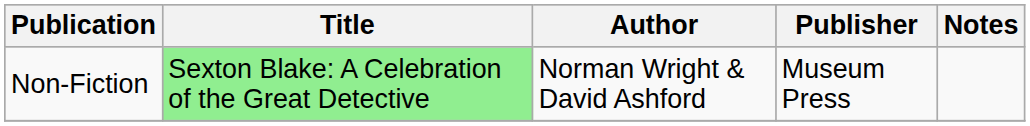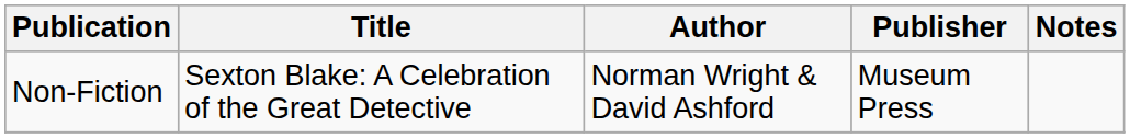 <table class="wikitable">
 <tr>
 <th>Publication</th>
 <th>Title</th>
 <th>Author</th>
 <th>Publisher</th>
 <th>Notes</th>
 </tr>
 <tr>
 <td>Non-Fiction</td>
-<td style="background: lightgreen;">Sexton Blake: A Celebration of the Great Detective</td>
+<td>Sexton Blake: A Celebration of the Great Detective</td>
 <td>Norman Wright & David Ashford</td>
 <td>Museum Press</td>
 <td></td>
 </tr>
 <tr>
 </tr>
 </table>
